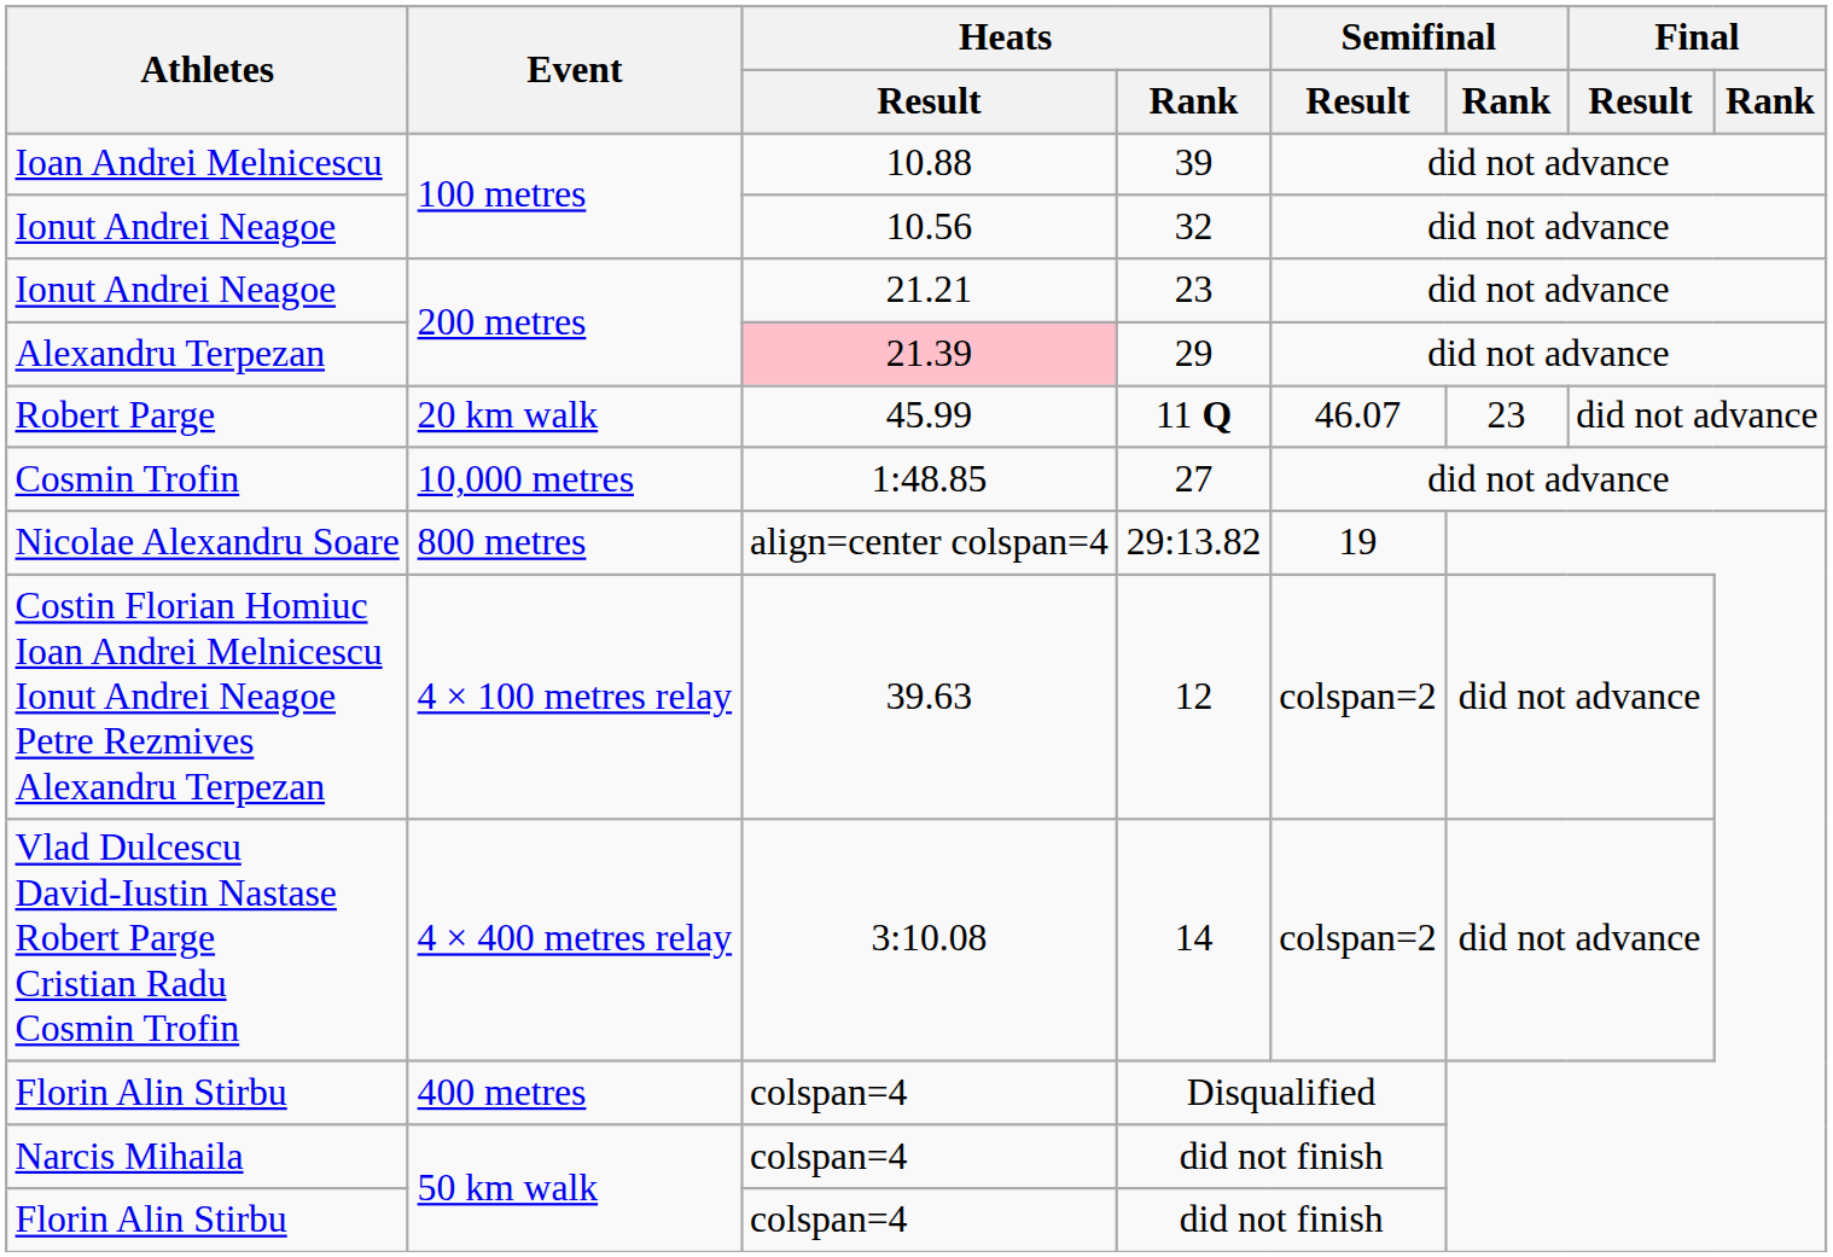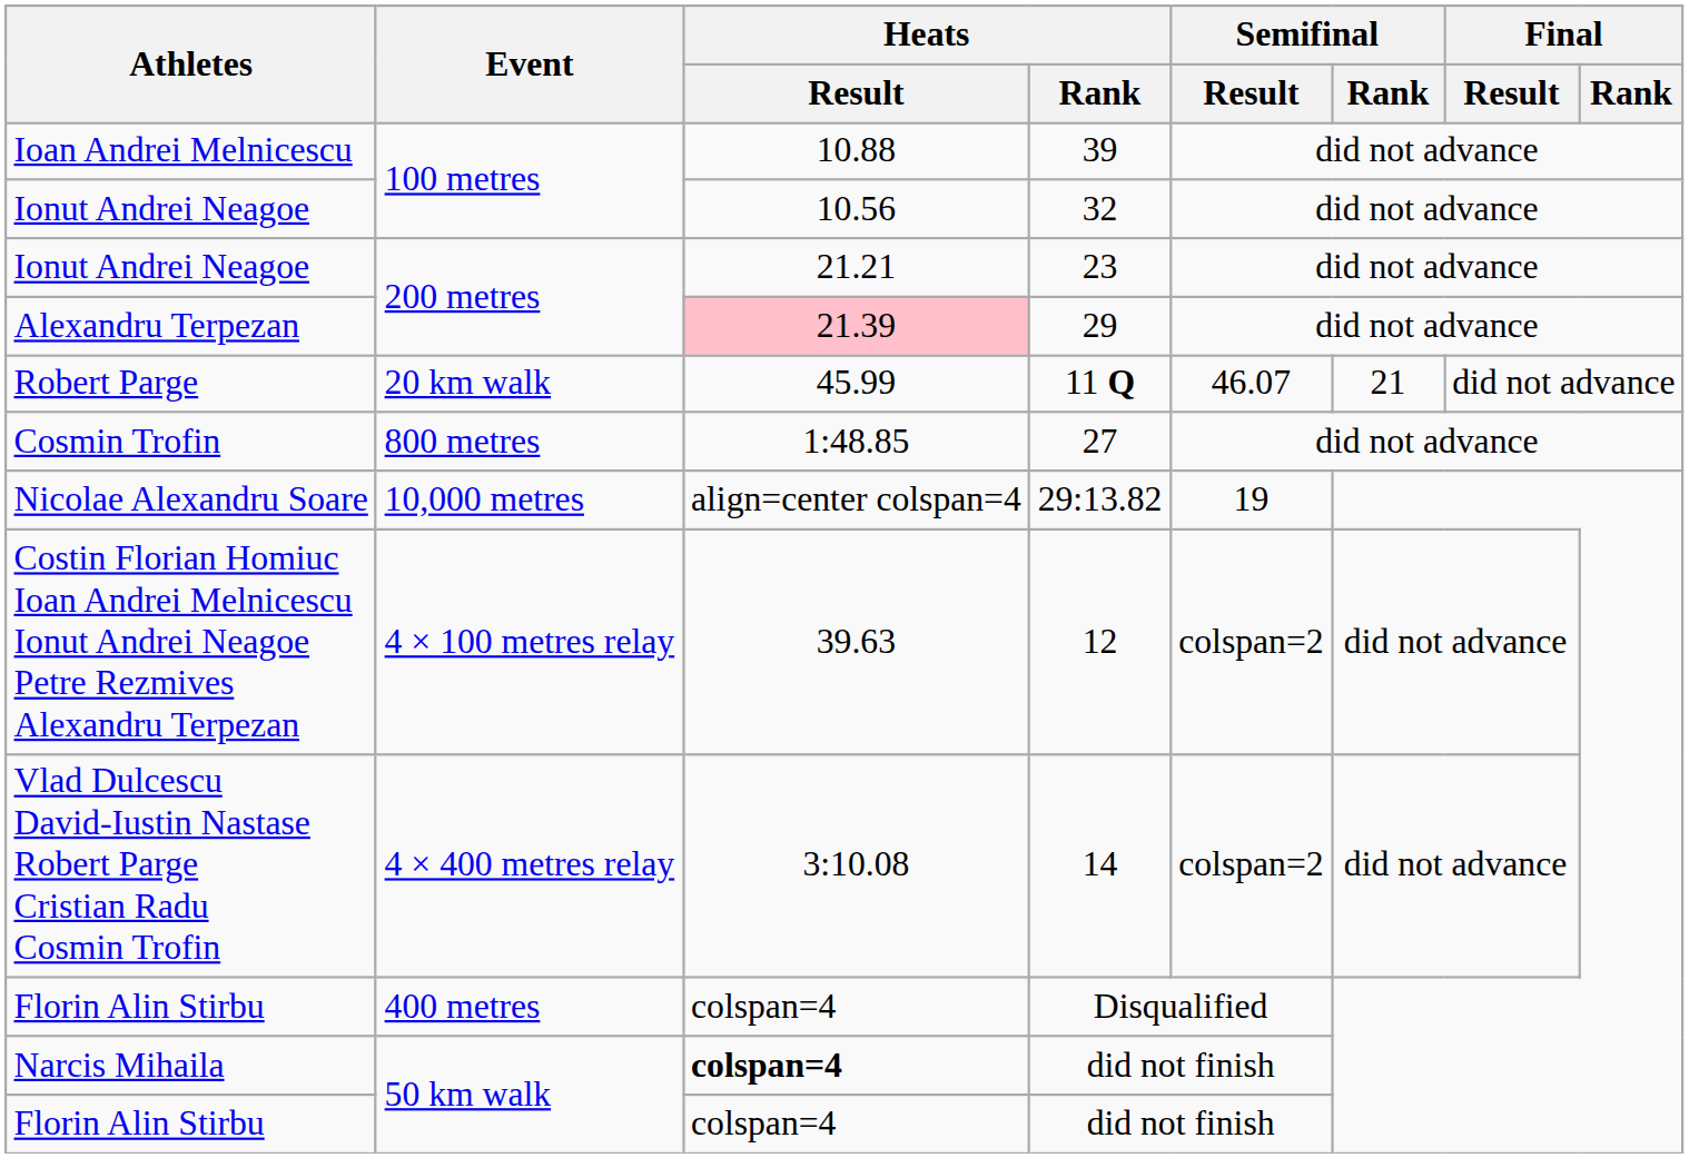 <table class="wikitable" border="1" style="font-size:90%">
 <tr>
 <th rowspan="2">Athletes</th>
 <th rowspan="2">Event</th>
 <th colspan="2">Heats</th>
 <th colspan="2">Semifinal</th>
 <th colspan="2">Final</th>
 </tr>
 <tr>
 <th>Result</th>
 <th>Rank</th>
 <th>Result</th>
 <th>Rank</th>
 <th>Result</th>
 <th>Rank</th>
 </tr>
 <tr>
 <td><a href='#'>Ioan Andrei Melnicescu</a></td>
 <td rowspan=2><a href='#'>100 metres</a></td>
 <td align=center>10.88</td>
 <td align=center>39</td>
 <td align=center colspan=4>did not advance</td>
 </tr>
 <tr>
 <td><a href='#'>Ionut Andrei Neagoe</a></td>
 <td align=center>10.56</td>
 <td align=center>32</td>
 <td align=center colspan=4>did not advance</td>
 </tr>
 <tr>
 <td><a href='#'>Ionut Andrei Neagoe</a></td>
 <td rowspan=2><a href='#'>200 metres</a></td>
 <td align=center>21.21</td>
 <td align=center>23</td>
 <td align=center colspan=4>did not advance</td>
 </tr>
 <tr>
 <td><a href='#'>Alexandru Terpezan</a></td>
 <td align=center style="background: pink;">21.39</td>
 <td align=center>29</td>
 <td align=center colspan=4>did not advance</td>
 </tr>
 <tr>
 <td><a href='#'>Robert Parge</a></td>
 <td><a href='#'>20 km walk</a></td>
 <td align=center>45.99</td>
 <td align=center>11 <strong>Q</strong></td>
 <td align=center>46.07</td>
-<td align=center>23</td>
+<td align=center>21</td>
 <td align=center colspan=2>did not advance</td>
 </tr>
 <tr>
 <td><a href='#'>Cosmin Trofin</a></td>
-<td><a href='#'>10,000 metres</a></td>
+<td><a href='#'>800 metres</a></td>
 <td align=center>1:48.85</td>
 <td align=center>27</td>
 <td align=center colspan=4>did not advance</td>
 </tr>
 <tr>
 <td><a href='#'>Nicolae Alexandru Soare</a></td>
-<td><a href='#'>800 metres</a></td>
+<td><a href='#'>10,000 metres</a></td>
 <td>align=center colspan=4</td>
 <td align=center>29:13.82</td>
 <td align=center>19</td>
 </tr>
 <tr>
 <td><a href='#'>Costin Florian Homiuc</a><br><a href='#'>Ioan Andrei Melnicescu</a><br><a href='#'>Ionut Andrei Neagoe</a><br><a href='#'>Petre Rezmives</a><br><a href='#'>Alexandru Terpezan</a></td>
 <td><a href='#'>4 × 100 metres relay</a></td>
 <td align=center>39.63</td>
 <td align=center>12</td>
 <td>colspan=2</td>
 <td align=center colspan=2>did not advance</td>
 </tr>
 <tr>
 <td><a href='#'>Vlad Dulcescu</a><br><a href='#'>David-Iustin Nastase</a><br><a href='#'>Robert Parge</a><br><a href='#'>Cristian Radu</a><br><a href='#'>Cosmin Trofin</a></td>
 <td><a href='#'>4 × 400 metres relay</a></td>
 <td align=center>3:10.08</td>
 <td align=center>14</td>
 <td>colspan=2</td>
 <td align=center colspan=2>did not advance</td>
 </tr>
 <tr>
 <td><a href='#'>Florin Alin Stirbu</a></td>
 <td><a href='#'>400 metres</a></td>
 <td>colspan=4</td>
 <td align=center colspan=2>Disqualified</td>
 </tr>
 <tr>
 <td><a href='#'>Narcis Mihaila</a></td>
 <td rowspan=2><a href='#'>50 km walk</a></td>
-<td>colspan=4</td>
+<td><strong>colspan=4</strong></td>
 <td align=center colspan=2>did not finish</td>
 </tr>
 <tr>
 <td><a href='#'>Florin Alin Stirbu</a></td>
 <td>colspan=4</td>
 <td align=center colspan=2>did not finish</td>
 </tr>
 </table>
